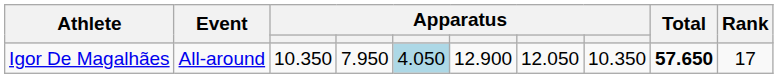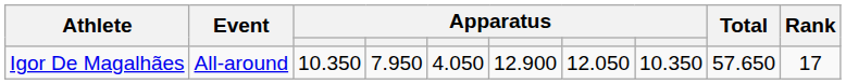 <table class="wikitable" style="font-size:90%">
 <tr>
 <th rowspan=2>Athlete</th>
 <th rowspan=2>Event</th>
 <th colspan=6>Apparatus</th>
 <th rowspan=2>Total</th>
 <th rowspan=2>Rank</th>
 </tr>
 <tr style="font-size:95%">
 <th></th>
 <th></th>
 <th></th>
 <th></th>
 <th></th>
 <th></th>
 </tr>
 <tr align=center>
 <td align=left><a href='#'>Igor De Magalhães</a></td>
 <td align=left><a href='#'>All-around</a></td>
 <td>10.350</td>
 <td>7.950</td>
-<td style="background: lightblue;">4.050</td>
+<td>4.050</td>
 <td>12.900</td>
 <td>12.050</td>
 <td>10.350</td>
-<td><strong>57.650</strong></td>
+<td>57.650</td>
 <td>17</td>
 </tr>
 </table>
